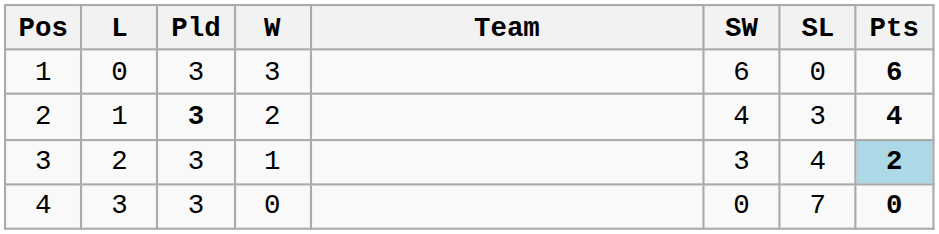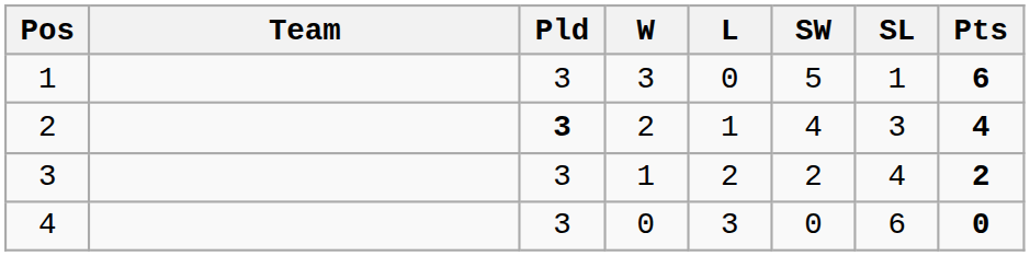 <table class="wikitable" style="text-align: center;">
 <tr>
 <th width="30">Pos</th>
-<th width="30">L</th>
+<th width="180">Team</th>
 <th width="30">Pld</th>
 <th width="30">W</th>
-<th width="180">Team</th>
+<th width="30">L</th>
 <th width="30">SW</th>
 <th width="30">SL</th>
 <th width="30">Pts</th>
 </tr>
 <tr>
 <td>1</td>
-<td>0</td>
+<td align="left"></td>
 <td>3</td>
 <td>3</td>
-<td align="left"></td>
-<td>6</td>
 <td>0</td>
+<td>5</td>
+<td>1</td>
 <td><strong>6</strong></td>
 </tr>
 <tr>
 <td>2</td>
-<td>1</td>
+<td align="left"></td>
 <td><strong>3</strong></td>
 <td>2</td>
-<td align="left"></td>
+<td>1</td>
 <td>4</td>
 <td>3</td>
 <td><strong>4</strong></td>
 </tr>
 <tr>
 <td>3</td>
-<td>2</td>
+<td align="left"></td>
 <td>3</td>
 <td>1</td>
-<td align="left"></td>
-<td>3</td>
+<td>2</td>
+<td>2</td>
 <td>4</td>
-<td style="background: lightblue;"><strong>2</strong></td>
+<td><strong>2</strong></td>
 </tr>
 <tr>
 <td>4</td>
-<td>3</td>
+<td align="left"></td>
 <td>3</td>
 <td>0</td>
-<td align="left"></td>
+<td>3</td>
 <td>0</td>
-<td>7</td>
+<td>6</td>
 <td><strong>0</strong></td>
 </tr>
 </table>
